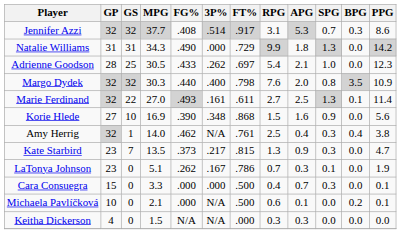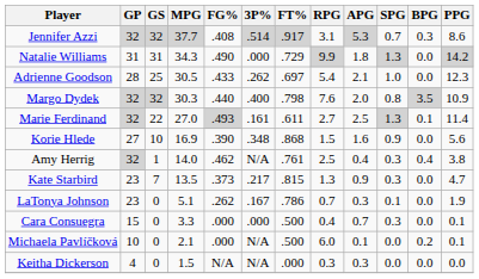 <table class="wikitable sortable" style="text-align:center;">
 <tr>
 <th>Player</th>
 <th>GP</th>
 <th>GS</th>
 <th>MPG</th>
 <th>FG%</th>
 <th>3P%</th>
 <th>FT%</th>
 <th>RPG</th>
 <th>APG</th>
 <th>SPG</th>
 <th>BPG</th>
 <th>PPG</th>
 </tr>
 <tr>
 <td><a href='#'>Jennifer Azzi</a></td>
 <td style="background:#D3D3D3;">32</td>
 <td style="background:#D3D3D3;">32</td>
 <td style="background:#D3D3D3;">37.7</td>
 <td>.408</td>
 <td style="background:#D3D3D3;">.514</td>
 <td style="background:#D3D3D3;">.917</td>
 <td>3.1</td>
 <td style="background:#D3D3D3;">5.3</td>
 <td>0.7</td>
 <td>0.3</td>
 <td>8.6</td>
 </tr>
 <tr>
 <td><a href='#'>Natalie Williams</a></td>
 <td>31</td>
 <td>31</td>
 <td>34.3</td>
 <td>.490</td>
 <td>.000</td>
 <td>.729</td>
 <td style="background:#D3D3D3;">9.9</td>
 <td>1.8</td>
 <td style="background:#D3D3D3;">1.3</td>
 <td>0.0</td>
 <td style="background:#D3D3D3;">14.2</td>
 </tr>
 <tr>
 <td><a href='#'>Adrienne Goodson</a></td>
 <td>28</td>
 <td>25</td>
 <td>30.5</td>
 <td>.433</td>
 <td>.262</td>
 <td>.697</td>
 <td>5.4</td>
 <td>2.1</td>
 <td>1.0</td>
 <td>0.0</td>
 <td>12.3</td>
 </tr>
 <tr>
 <td><a href='#'>Margo Dydek</a></td>
 <td style="background:#D3D3D3;">32</td>
 <td style="background:#D3D3D3;">32</td>
 <td>30.3</td>
 <td>.440</td>
 <td>.400</td>
 <td>.798</td>
 <td>7.6</td>
 <td>2.0</td>
 <td>0.8</td>
 <td style="background:#D3D3D3;">3.5</td>
 <td>10.9</td>
 </tr>
 <tr>
 <td><a href='#'>Marie Ferdinand</a></td>
 <td style="background:#D3D3D3;">32</td>
 <td>22</td>
 <td>27.0</td>
 <td style="background:#D3D3D3;">.493</td>
 <td>.161</td>
 <td>.611</td>
 <td>2.7</td>
 <td>2.5</td>
 <td style="background:#D3D3D3;">1.3</td>
 <td>0.1</td>
 <td>11.4</td>
 </tr>
 <tr>
 <td><a href='#'>Korie Hlede</a></td>
 <td>27</td>
 <td>10</td>
 <td>16.9</td>
 <td>.390</td>
 <td>.348</td>
 <td>.868</td>
 <td>1.5</td>
 <td>1.6</td>
 <td>0.9</td>
 <td>0.0</td>
 <td>5.6</td>
 </tr>
 <tr>
 <td>Amy Herrig</td>
 <td style="background:#D3D3D3;">32</td>
 <td>1</td>
 <td>14.0</td>
 <td>.462</td>
 <td>N/A</td>
 <td>.761</td>
 <td>2.5</td>
 <td>0.4</td>
 <td>0.3</td>
 <td>0.4</td>
 <td>3.8</td>
 </tr>
 <tr>
 <td><a href='#'>Kate Starbird</a></td>
 <td>23</td>
 <td>7</td>
 <td>13.5</td>
 <td>.373</td>
 <td>.217</td>
 <td>.815</td>
 <td>1.3</td>
 <td>0.9</td>
 <td>0.3</td>
 <td>0.0</td>
 <td>4.7</td>
 </tr>
 <tr>
 <td><a href='#'>LaTonya Johnson</a></td>
 <td>23</td>
 <td>0</td>
 <td>5.1</td>
 <td>.262</td>
 <td>.167</td>
 <td>.786</td>
 <td>0.7</td>
 <td>0.3</td>
 <td>0.1</td>
 <td>0.0</td>
 <td>1.9</td>
 </tr>
 <tr>
 <td><a href='#'>Cara Consuegra</a></td>
 <td>15</td>
 <td>0</td>
 <td>3.3</td>
 <td>.000</td>
 <td>.000</td>
 <td>.500</td>
 <td>0.4</td>
 <td>0.7</td>
 <td>0.3</td>
 <td>0.0</td>
 <td>0.1</td>
 </tr>
 <tr>
 <td><a href='#'>Michaela Pavlíčková</a></td>
 <td>10</td>
 <td>0</td>
 <td>2.1</td>
 <td>.000</td>
 <td>N/A</td>
 <td>.500</td>
-<td>0.6</td>
+<td>6.0</td>
 <td>0.1</td>
 <td>0.0</td>
 <td>0.2</td>
 <td>0.1</td>
 </tr>
 <tr>
 <td><a href='#'>Keitha Dickerson</a></td>
 <td>4</td>
 <td>0</td>
 <td>1.5</td>
 <td>N/A</td>
 <td>N/A</td>
 <td>.000</td>
 <td>0.3</td>
 <td>0.3</td>
 <td>0.0</td>
 <td>0.0</td>
 <td>0.0</td>
 </tr>
 <tr>
 </tr>
 </table>
